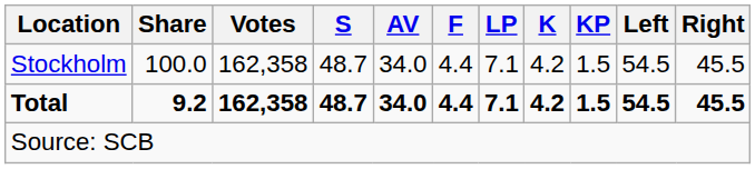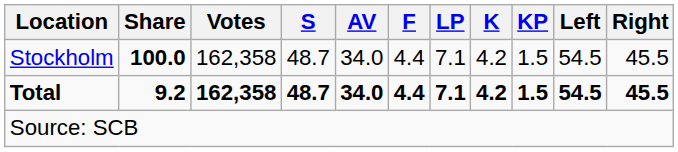 <table class="wikitable sortable" style=text-align:right>
 <tr>
 <th>Location</th>
 <th>Share</th>
 <th>Votes</th>
 <th><a href='#'>S</a></th>
 <th><a href='#'>AV</a></th>
 <th><a href='#'>F</a></th>
 <th><a href='#'>LP</a></th>
 <th><a href='#'>K</a></th>
 <th><a href='#'>KP</a></th>
 <th>Left</th>
 <th>Right</th>
 </tr>
 <tr>
 <td align=left><a href='#'>Stockholm</a></td>
-<td>100.0</td>
+<td><strong>100.0</strong></td>
 <td>162,358</td>
 <td>48.7</td>
 <td>34.0</td>
 <td>4.4</td>
 <td>7.1</td>
 <td>4.2</td>
 <td>1.5</td>
 <td>54.5</td>
 <td>45.5</td>
 </tr>
 <tr>
 <td align=left><strong>Total</strong></td>
 <td><strong>9.2</strong></td>
 <td><strong>162,358</strong></td>
 <td><strong>48.7</strong></td>
 <td><strong>34.0</strong></td>
 <td><strong>4.4</strong></td>
 <td><strong>7.1</strong></td>
 <td><strong>4.2</strong></td>
 <td><strong>1.5</strong></td>
 <td><strong>54.5</strong></td>
 <td><strong>45.5</strong></td>
 </tr>
 <tr>
 <td align=left colspan=11>Source: SCB </td>
 </tr>
 </table>
